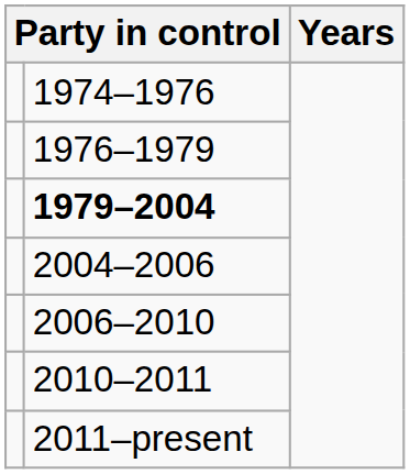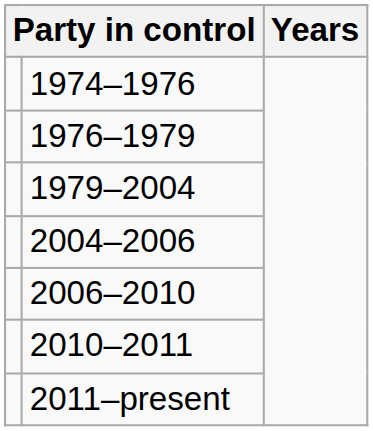 <table class="wikitable">
 <tr>
 <th colspan=2>Party in control</th>
 <th>Years</th>
 </tr>
 <tr>
 <td></td>
 <td>1974–1976</td>
 </tr>
 <tr>
 <td></td>
 <td>1976–1979</td>
 </tr>
 <tr>
 <td></td>
-<td><strong>1979–2004</strong></td>
+<td>1979–2004</td>
 </tr>
 <tr>
 <td></td>
 <td>2004–2006</td>
 </tr>
 <tr>
 <td></td>
 <td>2006–2010</td>
 </tr>
 <tr>
 <td></td>
 <td>2010–2011</td>
 </tr>
 <tr>
 <td></td>
 <td>2011–present</td>
 </tr>
 </table>
